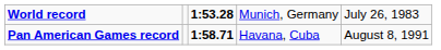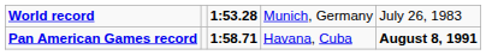 <table class="wikitable">
 <tr>
 <td><strong><a href='#'>World record</a></strong></td>
 <td></td>
 <td><strong>1:53.28</strong></td>
 <td><a href='#'>Munich</a>, Germany</td>
 <td>July 26, 1983</td>
 </tr>
 <tr>
 <td><strong><a href='#'>Pan American Games record</a></strong></td>
 <td></td>
 <td><strong>1:58.71</strong></td>
 <td><a href='#'>Havana</a>, <a href='#'>Cuba</a></td>
-<td>August 8, 1991</td>
+<td><strong>August 8, 1991</strong></td>
 </tr>
 </table>
